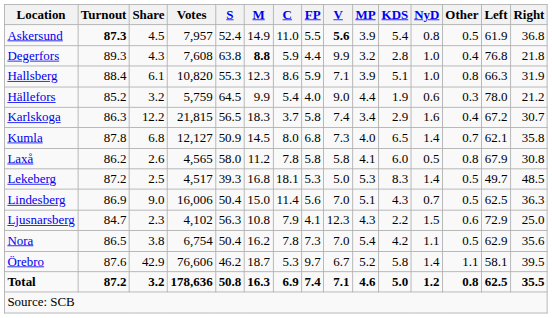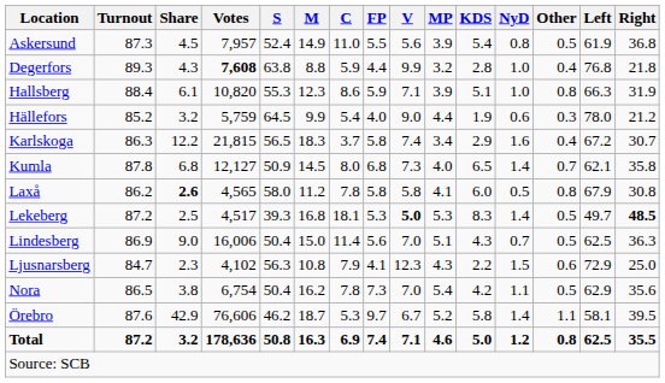 <table class="wikitable sortable" style=text-align:right>
 <tr>
 <th>Location</th>
 <th>Turnout</th>
 <th>Share</th>
 <th>Votes</th>
 <th><a href='#'>S</a></th>
 <th><a href='#'>M</a></th>
 <th><a href='#'>C</a></th>
 <th><a href='#'>FP</a></th>
 <th><a href='#'>V</a></th>
 <th><a href='#'>MP</a></th>
 <th><a href='#'>KDS</a></th>
 <th><a href='#'>NyD</a></th>
 <th>Other</th>
 <th>Left</th>
 <th>Right</th>
 </tr>
 <tr>
 <td align=left><a href='#'>Askersund</a></td>
-<td><strong>87.3</strong></td>
+<td>87.3</td>
 <td>4.5</td>
 <td>7,957</td>
 <td>52.4</td>
 <td>14.9</td>
 <td>11.0</td>
 <td>5.5</td>
-<td><strong>5.6</strong></td>
+<td>5.6</td>
 <td>3.9</td>
 <td>5.4</td>
 <td>0.8</td>
 <td>0.5</td>
 <td>61.9</td>
 <td>36.8</td>
 </tr>
 <tr>
 <td align=left><a href='#'>Degerfors</a></td>
 <td>89.3</td>
 <td>4.3</td>
-<td>7,608</td>
+<td><strong>7,608</strong></td>
 <td>63.8</td>
-<td><strong>8.8</strong></td>
+<td>8.8</td>
 <td>5.9</td>
 <td>4.4</td>
 <td>9.9</td>
 <td>3.2</td>
 <td>2.8</td>
 <td>1.0</td>
 <td>0.4</td>
 <td>76.8</td>
 <td>21.8</td>
 </tr>
 <tr>
 <td align=left><a href='#'>Hallsberg</a></td>
 <td>88.4</td>
 <td>6.1</td>
 <td>10,820</td>
 <td>55.3</td>
 <td>12.3</td>
 <td>8.6</td>
 <td>5.9</td>
 <td>7.1</td>
 <td>3.9</td>
 <td>5.1</td>
 <td>1.0</td>
 <td>0.8</td>
 <td>66.3</td>
 <td>31.9</td>
 </tr>
 <tr>
 <td align=left><a href='#'>Hällefors</a></td>
 <td>85.2</td>
 <td>3.2</td>
 <td>5,759</td>
 <td>64.5</td>
 <td>9.9</td>
 <td>5.4</td>
 <td>4.0</td>
 <td>9.0</td>
 <td>4.4</td>
 <td>1.9</td>
 <td>0.6</td>
 <td>0.3</td>
 <td>78.0</td>
 <td>21.2</td>
 </tr>
 <tr>
 <td align=left><a href='#'>Karlskoga</a></td>
 <td>86.3</td>
 <td>12.2</td>
 <td>21,815</td>
 <td>56.5</td>
 <td>18.3</td>
 <td>3.7</td>
 <td>5.8</td>
 <td>7.4</td>
 <td>3.4</td>
 <td>2.9</td>
 <td>1.6</td>
 <td>0.4</td>
 <td>67.2</td>
 <td>30.7</td>
 </tr>
 <tr>
 <td align=left><a href='#'>Kumla</a></td>
 <td>87.8</td>
 <td>6.8</td>
 <td>12,127</td>
 <td>50.9</td>
 <td>14.5</td>
 <td>8.0</td>
 <td>6.8</td>
 <td>7.3</td>
 <td>4.0</td>
 <td>6.5</td>
 <td>1.4</td>
 <td>0.7</td>
 <td>62.1</td>
 <td>35.8</td>
 </tr>
 <tr>
 <td align=left><a href='#'>Laxå</a></td>
 <td>86.2</td>
-<td>2.6</td>
+<td><strong>2.6</strong></td>
 <td>4,565</td>
 <td>58.0</td>
 <td>11.2</td>
 <td>7.8</td>
 <td>5.8</td>
 <td>5.8</td>
 <td>4.1</td>
 <td>6.0</td>
 <td>0.5</td>
 <td>0.8</td>
 <td>67.9</td>
 <td>30.8</td>
 </tr>
 <tr>
 <td align=left><a href='#'>Lekeberg</a></td>
 <td>87.2</td>
 <td>2.5</td>
 <td>4,517</td>
 <td>39.3</td>
 <td>16.8</td>
 <td>18.1</td>
 <td>5.3</td>
-<td>5.0</td>
+<td><strong>5.0</strong></td>
 <td>5.3</td>
 <td>8.3</td>
 <td>1.4</td>
 <td>0.5</td>
 <td>49.7</td>
-<td>48.5</td>
+<td><strong>48.5</strong></td>
 </tr>
 <tr>
 <td align=left><a href='#'>Lindesberg</a></td>
 <td>86.9</td>
 <td>9.0</td>
 <td>16,006</td>
 <td>50.4</td>
 <td>15.0</td>
 <td>11.4</td>
 <td>5.6</td>
 <td>7.0</td>
 <td>5.1</td>
 <td>4.3</td>
 <td>0.7</td>
 <td>0.5</td>
 <td>62.5</td>
 <td>36.3</td>
 </tr>
 <tr>
 <td align=left><a href='#'>Ljusnarsberg</a></td>
 <td>84.7</td>
 <td>2.3</td>
 <td>4,102</td>
 <td>56.3</td>
 <td>10.8</td>
 <td>7.9</td>
 <td>4.1</td>
 <td>12.3</td>
 <td>4.3</td>
 <td>2.2</td>
 <td>1.5</td>
 <td>0.6</td>
 <td>72.9</td>
 <td>25.0</td>
 </tr>
 <tr>
 <td align=left><a href='#'>Nora</a></td>
 <td>86.5</td>
 <td>3.8</td>
 <td>6,754</td>
 <td>50.4</td>
 <td>16.2</td>
 <td>7.8</td>
 <td>7.3</td>
 <td>7.0</td>
 <td>5.4</td>
 <td>4.2</td>
 <td>1.1</td>
 <td>0.5</td>
 <td>62.9</td>
 <td>35.6</td>
 </tr>
 <tr>
 <td align=left><a href='#'>Örebro</a></td>
 <td>87.6</td>
 <td>42.9</td>
 <td>76,606</td>
 <td>46.2</td>
 <td>18.7</td>
 <td>5.3</td>
 <td>9.7</td>
 <td>6.7</td>
 <td>5.2</td>
 <td>5.8</td>
 <td>1.4</td>
 <td>1.1</td>
 <td>58.1</td>
 <td>39.5</td>
 </tr>
 <tr>
 <td align=left><strong>Total</strong></td>
 <td><strong>87.2</strong></td>
 <td><strong>3.2</strong></td>
 <td><strong>178,636</strong></td>
 <td><strong>50.8</strong></td>
 <td><strong>16.3</strong></td>
 <td><strong>6.9</strong></td>
 <td><strong>7.4</strong></td>
 <td><strong>7.1</strong></td>
 <td><strong>4.6</strong></td>
 <td><strong>5.0</strong></td>
 <td><strong>1.2</strong></td>
 <td><strong>0.8</strong></td>
 <td><strong>62.5</strong></td>
 <td><strong>35.5</strong></td>
 </tr>
 <tr>
 <td align=left colspan=15>Source: SCB </td>
 </tr>
 </table>
